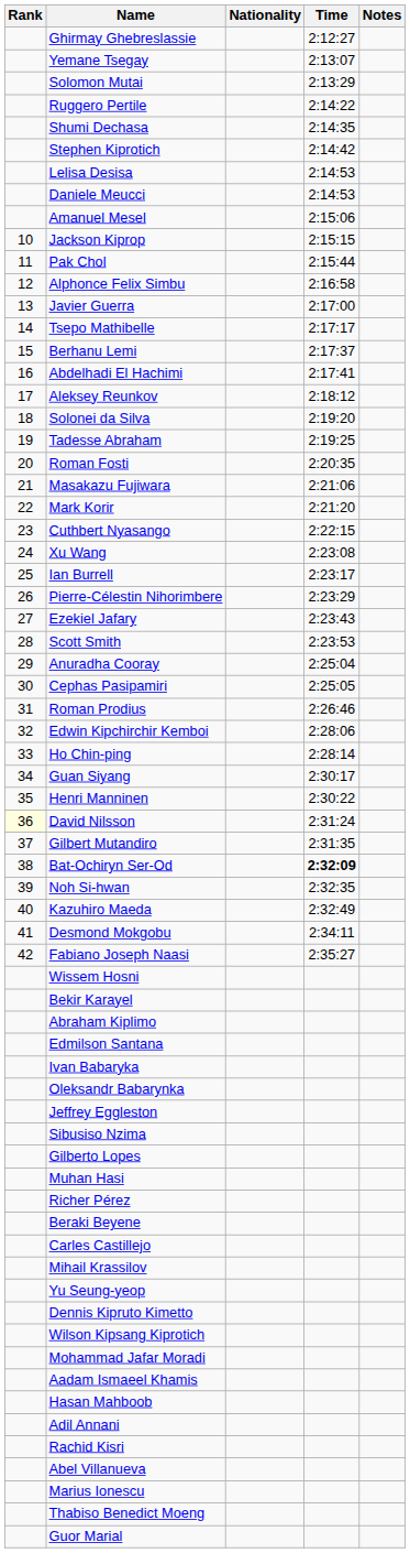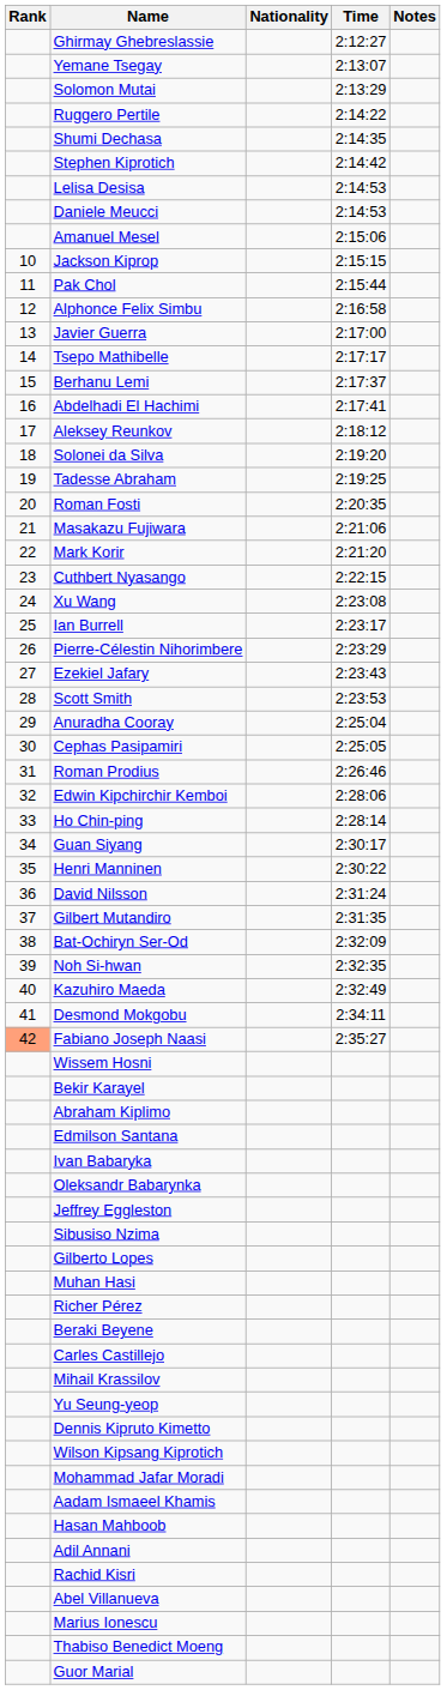 <table class="wikitable sortable" style="text-align:center">
 <tr>
 <th>Rank</th>
 <th>Name</th>
 <th>Nationality</th>
 <th>Time</th>
 <th>Notes</th>
 </tr>
 <tr>
 <td></td>
 <td align=left><a href='#'>Ghirmay Ghebreslassie</a></td>
 <td align=left></td>
 <td>2:12:27</td>
 <td></td>
 </tr>
 <tr>
 <td></td>
 <td align=left><a href='#'>Yemane Tsegay</a></td>
 <td align=left></td>
 <td>2:13:07</td>
 <td></td>
 </tr>
 <tr>
 <td></td>
 <td align=left><a href='#'>Solomon Mutai</a></td>
 <td align=left></td>
 <td>2:13:29</td>
 <td></td>
 </tr>
 <tr>
 <td></td>
 <td align=left><a href='#'>Ruggero Pertile</a></td>
 <td align=left></td>
 <td>2:14:22</td>
 <td></td>
 </tr>
 <tr>
 <td></td>
 <td align=left><a href='#'>Shumi Dechasa</a></td>
 <td align=left></td>
 <td>2:14:35</td>
 <td></td>
 </tr>
 <tr>
 <td></td>
 <td align=left><a href='#'>Stephen Kiprotich</a></td>
 <td align=left></td>
 <td>2:14:42</td>
 <td></td>
 </tr>
 <tr>
 <td></td>
 <td align=left><a href='#'>Lelisa Desisa</a></td>
 <td align=left></td>
 <td>2:14:53</td>
 <td></td>
 </tr>
 <tr>
 <td></td>
 <td align=left><a href='#'>Daniele Meucci</a></td>
 <td align=left></td>
 <td>2:14:53</td>
 <td></td>
 </tr>
 <tr>
 <td></td>
 <td align=left><a href='#'>Amanuel Mesel</a></td>
 <td align=left></td>
 <td>2:15:06</td>
 <td></td>
 </tr>
 <tr>
 <td>10</td>
 <td align=left><a href='#'>Jackson Kiprop</a></td>
 <td align=left></td>
 <td>2:15:15</td>
 <td></td>
 </tr>
 <tr>
 <td>11</td>
 <td align=left><a href='#'>Pak Chol</a></td>
 <td align=left></td>
 <td>2:15:44</td>
 <td></td>
 </tr>
 <tr>
 <td>12</td>
 <td align=left><a href='#'>Alphonce Felix Simbu</a></td>
 <td align=left></td>
 <td>2:16:58</td>
 <td></td>
 </tr>
 <tr>
 <td>13</td>
 <td align=left><a href='#'>Javier Guerra</a></td>
 <td align=left></td>
 <td>2:17:00</td>
 <td></td>
 </tr>
 <tr>
 <td>14</td>
 <td align=left><a href='#'>Tsepo Mathibelle</a></td>
 <td align=left></td>
 <td>2:17:17</td>
 <td></td>
 </tr>
 <tr>
 <td>15</td>
 <td align=left><a href='#'>Berhanu Lemi</a></td>
 <td align=left></td>
 <td>2:17:37</td>
 <td></td>
 </tr>
 <tr>
 <td>16</td>
 <td align=left><a href='#'>Abdelhadi El Hachimi</a></td>
 <td align=left></td>
 <td>2:17:41</td>
 <td></td>
 </tr>
 <tr>
 <td>17</td>
 <td align=left><a href='#'>Aleksey Reunkov</a></td>
 <td align=left></td>
 <td>2:18:12</td>
 <td></td>
 </tr>
 <tr>
 <td>18</td>
 <td align=left><a href='#'>Solonei da Silva</a></td>
 <td align=left></td>
 <td>2:19:20</td>
 <td></td>
 </tr>
 <tr>
 <td>19</td>
 <td align=left><a href='#'>Tadesse Abraham</a></td>
 <td align=left></td>
 <td>2:19:25</td>
 <td></td>
 </tr>
 <tr>
 <td>20</td>
 <td align=left><a href='#'>Roman Fosti</a></td>
 <td align=left></td>
 <td>2:20:35</td>
 <td></td>
 </tr>
 <tr>
 <td>21</td>
 <td align=left><a href='#'>Masakazu Fujiwara</a></td>
 <td align=left></td>
 <td>2:21:06</td>
 <td></td>
 </tr>
 <tr>
 <td>22</td>
 <td align=left><a href='#'>Mark Korir</a></td>
 <td align=left></td>
 <td>2:21:20</td>
 <td></td>
 </tr>
 <tr>
 <td>23</td>
 <td align=left><a href='#'>Cuthbert Nyasango</a></td>
 <td align=left></td>
 <td>2:22:15</td>
 <td></td>
 </tr>
 <tr>
 <td>24</td>
 <td align=left><a href='#'>Xu Wang</a></td>
 <td align=left></td>
 <td>2:23:08</td>
 <td></td>
 </tr>
 <tr>
 <td>25</td>
 <td align=left><a href='#'>Ian Burrell</a></td>
 <td align=left></td>
 <td>2:23:17</td>
 <td></td>
 </tr>
 <tr>
 <td>26</td>
 <td align=left><a href='#'>Pierre-Célestin Nihorimbere</a></td>
 <td align=left></td>
 <td>2:23:29</td>
 <td></td>
 </tr>
 <tr>
 <td>27</td>
 <td align=left><a href='#'>Ezekiel Jafary</a></td>
 <td align=left></td>
 <td>2:23:43</td>
 <td></td>
 </tr>
 <tr>
 <td>28</td>
 <td align=left><a href='#'>Scott Smith</a></td>
 <td align=left></td>
 <td>2:23:53</td>
 <td></td>
 </tr>
 <tr>
 <td>29</td>
 <td align=left><a href='#'>Anuradha Cooray</a></td>
 <td align=left></td>
 <td>2:25:04</td>
 <td></td>
 </tr>
 <tr>
 <td>30</td>
 <td align=left><a href='#'>Cephas Pasipamiri</a></td>
 <td align=left></td>
 <td>2:25:05</td>
 <td></td>
 </tr>
 <tr>
 <td>31</td>
 <td align=left><a href='#'>Roman Prodius</a></td>
 <td align=left></td>
 <td>2:26:46</td>
 <td></td>
 </tr>
 <tr>
 <td>32</td>
 <td align=left><a href='#'>Edwin Kipchirchir Kemboi</a></td>
 <td align=left></td>
 <td>2:28:06</td>
 <td></td>
 </tr>
 <tr>
 <td>33</td>
 <td align=left><a href='#'>Ho Chin-ping</a></td>
 <td align=left></td>
 <td>2:28:14</td>
 <td></td>
 </tr>
 <tr>
 <td>34</td>
 <td align=left><a href='#'>Guan Siyang</a></td>
 <td align=left></td>
 <td>2:30:17</td>
 <td></td>
 </tr>
 <tr>
 <td>35</td>
 <td align=left><a href='#'>Henri Manninen</a></td>
 <td align=left></td>
 <td>2:30:22</td>
 <td></td>
 </tr>
 <tr>
-<td style="background: lightyellow;">36</td>
+<td>36</td>
 <td align=left><a href='#'>David Nilsson</a></td>
 <td align=left></td>
 <td>2:31:24</td>
 <td></td>
 </tr>
 <tr>
 <td>37</td>
 <td align=left><a href='#'>Gilbert Mutandiro</a></td>
 <td align=left></td>
 <td>2:31:35</td>
 <td></td>
 </tr>
 <tr>
 <td>38</td>
 <td align=left><a href='#'>Bat-Ochiryn Ser-Od</a></td>
 <td align=left></td>
-<td><strong>2:32:09</strong></td>
+<td>2:32:09</td>
 <td></td>
 </tr>
 <tr>
 <td>39</td>
 <td align=left><a href='#'>Noh Si-hwan</a></td>
 <td align=left></td>
 <td>2:32:35</td>
 <td></td>
 </tr>
 <tr>
 <td>40</td>
 <td align=left><a href='#'>Kazuhiro Maeda</a></td>
 <td align=left></td>
 <td>2:32:49</td>
 <td></td>
 </tr>
 <tr>
 <td>41</td>
 <td align=left><a href='#'>Desmond Mokgobu</a></td>
 <td align=left></td>
 <td>2:34:11</td>
 <td></td>
 </tr>
 <tr>
-<td>42</td>
+<td style="background: lightsalmon;">42</td>
 <td align=left><a href='#'>Fabiano Joseph Naasi</a></td>
 <td align=left></td>
 <td>2:35:27</td>
 <td></td>
 </tr>
 <tr>
 <td></td>
 <td align=left><a href='#'>Wissem Hosni</a></td>
 <td align=left></td>
 <td></td>
 <td></td>
 </tr>
 <tr>
 <td></td>
 <td align=left><a href='#'>Bekir Karayel</a></td>
 <td align=left></td>
 <td></td>
 <td></td>
 </tr>
 <tr>
 <td></td>
 <td align=left><a href='#'>Abraham Kiplimo</a></td>
 <td align=left></td>
 <td></td>
 <td></td>
 </tr>
 <tr>
 <td></td>
 <td align=left><a href='#'>Edmilson Santana</a></td>
 <td align=left></td>
 <td></td>
 <td></td>
 </tr>
 <tr>
 <td></td>
 <td align=left><a href='#'>Ivan Babaryka</a></td>
 <td align=left></td>
 <td></td>
 <td></td>
 </tr>
 <tr>
 <td></td>
 <td align=left><a href='#'>Oleksandr Babarynka</a></td>
 <td align=left></td>
 <td></td>
 <td></td>
 </tr>
 <tr>
 <td></td>
 <td align=left><a href='#'>Jeffrey Eggleston</a></td>
 <td align=left></td>
 <td></td>
 <td></td>
 </tr>
 <tr>
 <td></td>
 <td align=left><a href='#'>Sibusiso Nzima</a></td>
 <td align=left></td>
 <td></td>
 <td></td>
 </tr>
 <tr>
 <td></td>
 <td align=left><a href='#'>Gilberto Lopes</a></td>
 <td align=left></td>
 <td></td>
 <td></td>
 </tr>
 <tr>
 <td></td>
 <td align=left><a href='#'>Muhan Hasi</a></td>
 <td align=left></td>
 <td></td>
 <td></td>
 </tr>
 <tr>
 <td></td>
 <td align=left><a href='#'>Richer Pérez</a></td>
 <td align=left></td>
 <td></td>
 <td></td>
 </tr>
 <tr>
 <td></td>
 <td align=left><a href='#'>Beraki Beyene</a></td>
 <td align=left></td>
 <td></td>
 <td></td>
 </tr>
 <tr>
 <td></td>
 <td align=left><a href='#'>Carles Castillejo</a></td>
 <td align=left></td>
 <td></td>
 <td></td>
 </tr>
 <tr>
 <td></td>
 <td align=left><a href='#'>Mihail Krassilov</a></td>
 <td align=left></td>
 <td></td>
 <td></td>
 </tr>
 <tr>
 <td></td>
 <td align=left><a href='#'>Yu Seung-yeop</a></td>
 <td align=left></td>
 <td></td>
 <td></td>
 </tr>
 <tr>
 <td></td>
 <td align=left><a href='#'>Dennis Kipruto Kimetto</a></td>
 <td align=left></td>
 <td></td>
 <td></td>
 </tr>
 <tr>
 <td></td>
 <td align=left><a href='#'>Wilson Kipsang Kiprotich</a></td>
 <td align=left></td>
 <td></td>
 <td></td>
 </tr>
 <tr>
 <td></td>
 <td align=left><a href='#'>Mohammad Jafar Moradi</a></td>
 <td align=left></td>
 <td></td>
 <td></td>
 </tr>
 <tr>
 <td></td>
 <td align=left><a href='#'>Aadam Ismaeel Khamis</a></td>
 <td align=left></td>
 <td></td>
 <td></td>
 </tr>
 <tr>
 <td></td>
 <td align=left><a href='#'>Hasan Mahboob</a></td>
 <td align=left></td>
 <td></td>
 <td></td>
 </tr>
 <tr>
 <td></td>
 <td align=left><a href='#'>Adil Annani</a></td>
 <td align=left></td>
 <td></td>
 <td></td>
 </tr>
 <tr>
 <td></td>
 <td align=left><a href='#'>Rachid Kisri</a></td>
 <td align=left></td>
 <td></td>
 <td></td>
 </tr>
 <tr>
 <td></td>
 <td align=left><a href='#'>Abel Villanueva</a></td>
 <td align=left></td>
 <td></td>
 <td></td>
 </tr>
 <tr>
 <td></td>
 <td align=left><a href='#'>Marius Ionescu</a></td>
 <td align=left></td>
 <td></td>
 <td></td>
 </tr>
 <tr>
 <td></td>
 <td align=left><a href='#'>Thabiso Benedict Moeng</a></td>
 <td align=left></td>
 <td></td>
 <td></td>
 </tr>
 <tr>
 <td></td>
 <td align=left><a href='#'>Guor Marial</a></td>
 <td align=left></td>
 <td></td>
 <td></td>
 </tr>
 </table>
